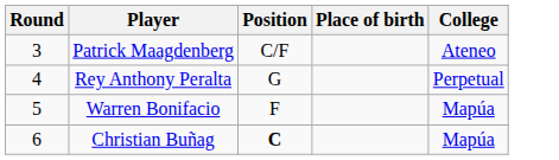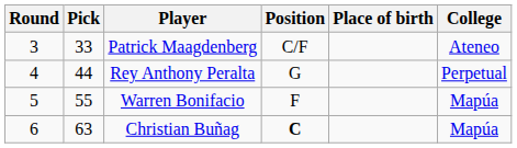 <table class="wikitable sortable sortable" style="text-align:center">
 <tr>
 <th>Round</th>
+<th>Pick</th>
 <th>Player</th>
 <th>Position</th>
 <th>Place of birth</th>
 <th>College</th>
 </tr>
 <tr>
 <td>3</td>
+<td>33</td>
 <td><a href='#'>Patrick Maagdenberg</a></td>
 <td>C/F</td>
 <td></td>
 <td><a href='#'>Ateneo</a></td>
 </tr>
 <tr>
 <td>4</td>
+<td>44</td>
 <td><a href='#'>Rey Anthony Peralta</a></td>
 <td>G</td>
 <td></td>
 <td><a href='#'>Perpetual</a></td>
 </tr>
 <tr>
 <td>5</td>
+<td>55</td>
 <td><a href='#'>Warren Bonifacio</a></td>
 <td>F</td>
 <td></td>
 <td><a href='#'>Mapúa</a></td>
 </tr>
 <tr>
 <td>6</td>
+<td>63</td>
 <td><a href='#'>Christian Buñag</a></td>
 <td><strong>C</strong></td>
 <td></td>
 <td><a href='#'>Mapúa</a></td>
 </tr>
 </table>
